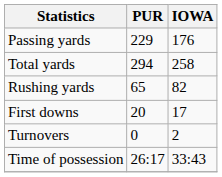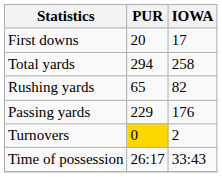 <table class="wikitable">
 <tr>
 <th>Statistics</th>
 <th>PUR</th>
 <th>IOWA</th>
 </tr>
 <tr>
-<td>Passing yards</td>
-<td>229</td>
-<td>176</td>
+<td>First downs</td>
+<td>20</td>
+<td>17</td>
 </tr>
 <tr>
 <td>Total yards</td>
 <td>294</td>
 <td>258</td>
 </tr>
 <tr>
 <td>Rushing yards</td>
 <td>65</td>
 <td>82</td>
 </tr>
 <tr>
-<td>First downs</td>
-<td>20</td>
-<td>17</td>
+<td>Passing yards</td>
+<td>229</td>
+<td>176</td>
 </tr>
 <tr>
 <td>Turnovers</td>
-<td>0</td>
+<td style="background: gold;">0</td>
 <td>2</td>
 </tr>
 <tr>
 <td>Time of possession</td>
 <td>26:17</td>
 <td>33:43</td>
 </tr>
 <tr>
 </tr>
 </table>
